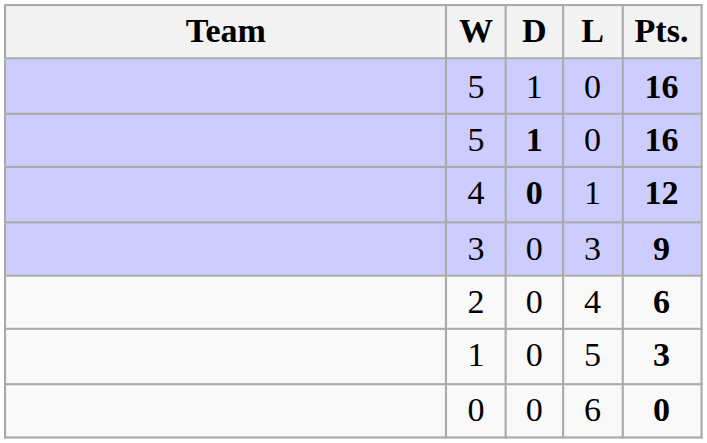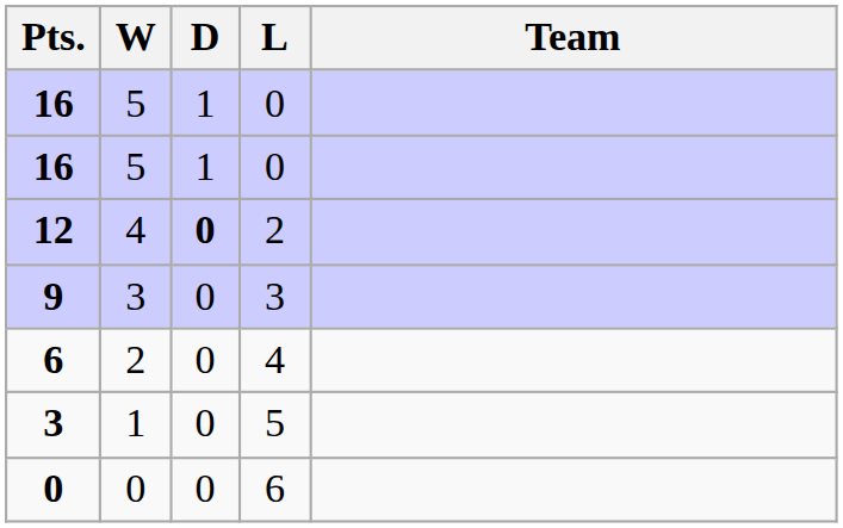 <table class="wikitable" style="text-align:center;">
 <tr>
-<th width=200px>Team</th>
+<th width=30px>Pts.</th>
 <th width=20px>W</th>
 <th width=20px>D</th>
 <th width=20px>L</th>
-<th width=30px>Pts.</th>
+<th width=200px>Team</th>
 </tr>
 <tr bgcolor="#CCCCFF">
-<td align=left></td>
+<td><strong>16</strong></td>
 <td>5</td>
 <td>1</td>
 <td>0</td>
-<td><strong>16</strong></td>
+<td align=left></td>
 </tr>
 <tr bgcolor="#CCCCFF">
+<td><strong>16</strong></td>
+<td>5</td>
+<td>1</td>
+<td>0</td>
 <td align=left></td>
-<td>5</td>
-<td><strong>1</strong></td>
-<td>0</td>
-<td><strong>16</strong></td>
 </tr>
 <tr bgcolor="#CCCCFF">
-<td align=left></td>
+<td><strong>12</strong></td>
 <td>4</td>
 <td><strong>0</strong></td>
-<td>1</td>
-<td><strong>12</strong></td>
+<td>2</td>
+<td align=left></td>
 </tr>
 <tr bgcolor="#CCCCFF">
-<td align=left></td>
+<td><strong>9</strong></td>
 <td>3</td>
 <td>0</td>
 <td>3</td>
-<td><strong>9</strong></td>
+<td align=left></td>
 </tr>
 <tr>
-<td align=left></td>
+<td><strong>6</strong></td>
 <td>2</td>
 <td>0</td>
 <td>4</td>
-<td><strong>6</strong></td>
+<td align=left></td>
 </tr>
 <tr>
-<td align=left></td>
+<td><strong>3</strong></td>
 <td>1</td>
 <td>0</td>
 <td>5</td>
-<td><strong>3</strong></td>
+<td align=left></td>
 </tr>
 <tr>
-<td align=left><strong></strong></td>
+<td><strong>0</strong></td>
 <td>0</td>
 <td>0</td>
 <td>6</td>
-<td><strong>0</strong></td>
+<td align=left><strong></strong></td>
 </tr>
 </table>
